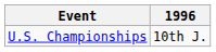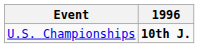 <table class="wikitable" style="text-align:center">
 <tr>
 <th>Event</th>
 <th>1996</th>
 </tr>
 <tr>
 <td align=left><a href='#'>U.S. Championships</a></td>
-<td>10th J.</td>
+<td><strong>10th J.</strong></td>
 </tr>
 </table>
